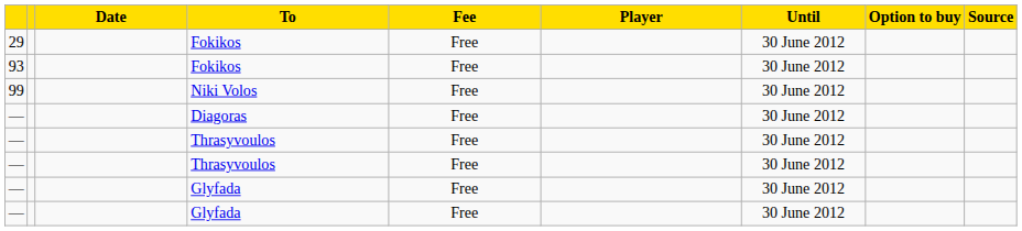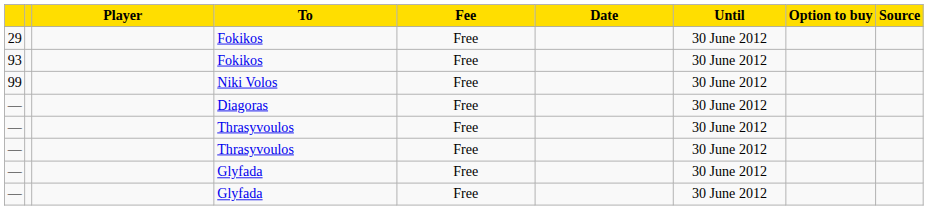 <table class="wikitable sortable">
 <tr>
 <th style="background:#FFDE00"></th>
 <th style="background:#FFDE00"></th>
-<th width=150 style="background:#FFDE00">Date</th>
+<th width=200 style="background:#FFDE00">Player</th>
 <th width=200 style="background:#FFDE00">To</th>
 <th width=150 style="background:#FFDE00">Fee</th>
-<th width=200 style="background:#FFDE00">Player</th>
+<th width=150 style="background:#FFDE00">Date</th>
 <th width=120 style="background:#FFDE00">Until</th>
 <th style="background:#FFDE00">Option to buy</th>
 <th style="background:#FFDE00">Source</th>
 </tr>
 <tr>
 <td align=center>29</td>
 <td align=center></td>
-<td align=center></td>
+<td></td>
 <td> <a href='#'>Fokikos</a></td>
 <td align=center>Free</td>
-<td></td>
+<td align=center></td>
 <td align=center>30 June 2012</td>
 <td align=center></td>
 <td align=center></td>
 </tr>
 <tr>
 <td align=center>93</td>
 <td align=center></td>
-<td align=center></td>
+<td></td>
 <td> <a href='#'>Fokikos</a></td>
 <td align=center>Free</td>
-<td></td>
+<td align=center></td>
 <td align=center>30 June 2012</td>
 <td align=center></td>
 <td align=center></td>
 </tr>
 <tr>
 <td align=center>99</td>
 <td align=center></td>
-<td align=center></td>
+<td></td>
 <td> <a href='#'>Niki Volos</a></td>
 <td align=center>Free</td>
-<td></td>
+<td align=center></td>
 <td align=center>30 June 2012</td>
 <td align=center></td>
 <td align=center></td>
 </tr>
 <tr>
 <td align=center>—</td>
 <td align=center></td>
-<td align=center></td>
+<td></td>
 <td> <a href='#'>Diagoras</a></td>
 <td align=center>Free</td>
-<td></td>
+<td align=center></td>
 <td align=center>30 June 2012</td>
 <td align=center></td>
 <td align=center></td>
 </tr>
 <tr>
 <td align=center>—</td>
 <td align=center></td>
-<td align=center></td>
+<td></td>
 <td> <a href='#'>Thrasyvoulos</a></td>
 <td align=center>Free</td>
-<td></td>
+<td align=center></td>
 <td align=center>30 June 2012</td>
 <td align=center></td>
 <td align=center></td>
 </tr>
 <tr>
 <td align=center>—</td>
 <td align=center></td>
-<td align=center></td>
+<td></td>
 <td> <a href='#'>Thrasyvoulos</a></td>
 <td align=center>Free</td>
-<td></td>
+<td align=center></td>
 <td align=center>30 June 2012</td>
 <td align=center></td>
 <td align=center></td>
 </tr>
 <tr>
 <td align=center>—</td>
 <td align=center></td>
-<td align=center></td>
+<td></td>
 <td> <a href='#'>Glyfada</a></td>
 <td align=center>Free</td>
-<td></td>
+<td align=center></td>
 <td align=center>30 June 2012</td>
 <td align=center></td>
 <td align=center></td>
 </tr>
 <tr>
 <td align=center>—</td>
 <td align=center></td>
-<td align=center></td>
+<td></td>
 <td> <a href='#'>Glyfada</a></td>
 <td align=center>Free</td>
-<td></td>
+<td align=center></td>
 <td align=center>30 June 2012</td>
 <td align=center></td>
 <td align=center></td>
 </tr>
 </table>
